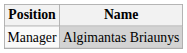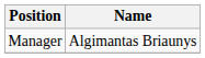 <table class="wikitable" style="text-align:left;">
 <tr>
 <th>Position</th>
 <th>Name</th>
 </tr>
 <tr>
 <td>Manager</td>
-<td style="background: lightgrey;"> Algimantas Briaunys</td>
+<td> Algimantas Briaunys</td>
 </tr>
 <tr>
 </tr>
 </table>
